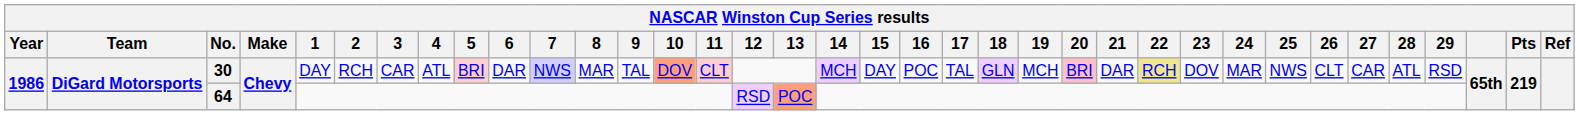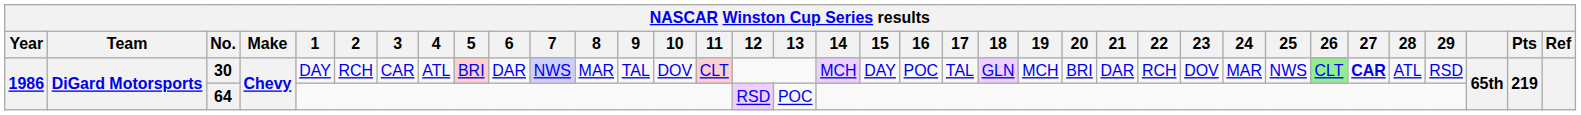 <table class="wikitable" style="text-align:center; font-size:75%">
 <tr>
 <th colspan=45><a href='#'>NASCAR</a> <a href='#'>Winston Cup Series</a> results</th>
 </tr>
 <tr>
 <th>Year</th>
 <th>Team</th>
 <th>No.</th>
 <th>Make</th>
 <th>1</th>
 <th>2</th>
 <th>3</th>
 <th>4</th>
 <th>5</th>
 <th>6</th>
 <th>7</th>
 <th>8</th>
 <th>9</th>
 <th>10</th>
 <th>11</th>
 <th>12</th>
 <th>13</th>
 <th>14</th>
 <th>15</th>
 <th>16</th>
 <th>17</th>
 <th>18</th>
 <th>19</th>
 <th>20</th>
 <th>21</th>
 <th>22</th>
 <th>23</th>
 <th>24</th>
 <th>25</th>
 <th>26</th>
 <th>27</th>
 <th>28</th>
 <th>29</th>
 <th></th>
 <th>Pts</th>
 <th>Ref</th>
 </tr>
 <tr>
 <th rowspan=2><a href='#'>1986</a></th>
 <th rowspan=2><a href='#'>DiGard Motorsports</a></th>
 <th>30</th>
 <th rowspan=2><a href='#'>Chevy</a></th>
 <td><a href='#'>DAY</a></td>
 <td><a href='#'>RCH</a></td>
 <td><a href='#'>CAR</a></td>
 <td><a href='#'>ATL</a></td>
 <td style="background:#FFCFCF;"><a href='#'>BRI</a><br></td>
 <td><a href='#'>DAR</a></td>
 <td style="background:#CFCFFF;"><a href='#'>NWS</a><br></td>
 <td><a href='#'>MAR</a></td>
 <td><a href='#'>TAL</a></td>
-<td style="background: lightsalmon;"><a href='#'>DOV</a></td>
+<td><a href='#'>DOV</a></td>
 <td style="background:#FFCFCF;"><a href='#'>CLT</a><br></td>
 <td colspan=2></td>
 <td style="background:#EFCFFF;"><a href='#'>MCH</a><br></td>
 <td><a href='#'>DAY</a></td>
 <td><a href='#'>POC</a></td>
 <td><a href='#'>TAL</a></td>
 <td style="background:#EFCFFF;"><a href='#'>GLN</a><br></td>
 <td><a href='#'>MCH</a></td>
-<td style="background: pink;"><a href='#'>BRI</a></td>
+<td><a href='#'>BRI</a></td>
 <td><a href='#'>DAR</a></td>
-<td style="background: khaki;"><a href='#'>RCH</a></td>
+<td><a href='#'>RCH</a></td>
 <td><a href='#'>DOV</a></td>
 <td><a href='#'>MAR</a></td>
 <td><a href='#'>NWS</a></td>
-<td><a href='#'>CLT</a></td>
-<td><a href='#'>CAR</a></td>
+<td style="background: lightgreen;"><a href='#'>CLT</a></td>
+<td><strong><a href='#'>CAR</a></strong></td>
 <td><a href='#'>ATL</a></td>
 <td><a href='#'>RSD</a></td>
 <th rowspan=2>65th</th>
 <th rowspan=2>219</th>
 <th rowspan=2></th>
 </tr>
 <tr>
 <th>64</th>
 <td colspan=11></td>
 <td style="background:#EFCFFF;"><a href='#'>RSD</a><br></td>
-<td style="background: lightsalmon;"><a href='#'>POC</a></td>
+<td><a href='#'>POC</a></td>
 <td colspan=16></td>
 </tr>
 </table>
